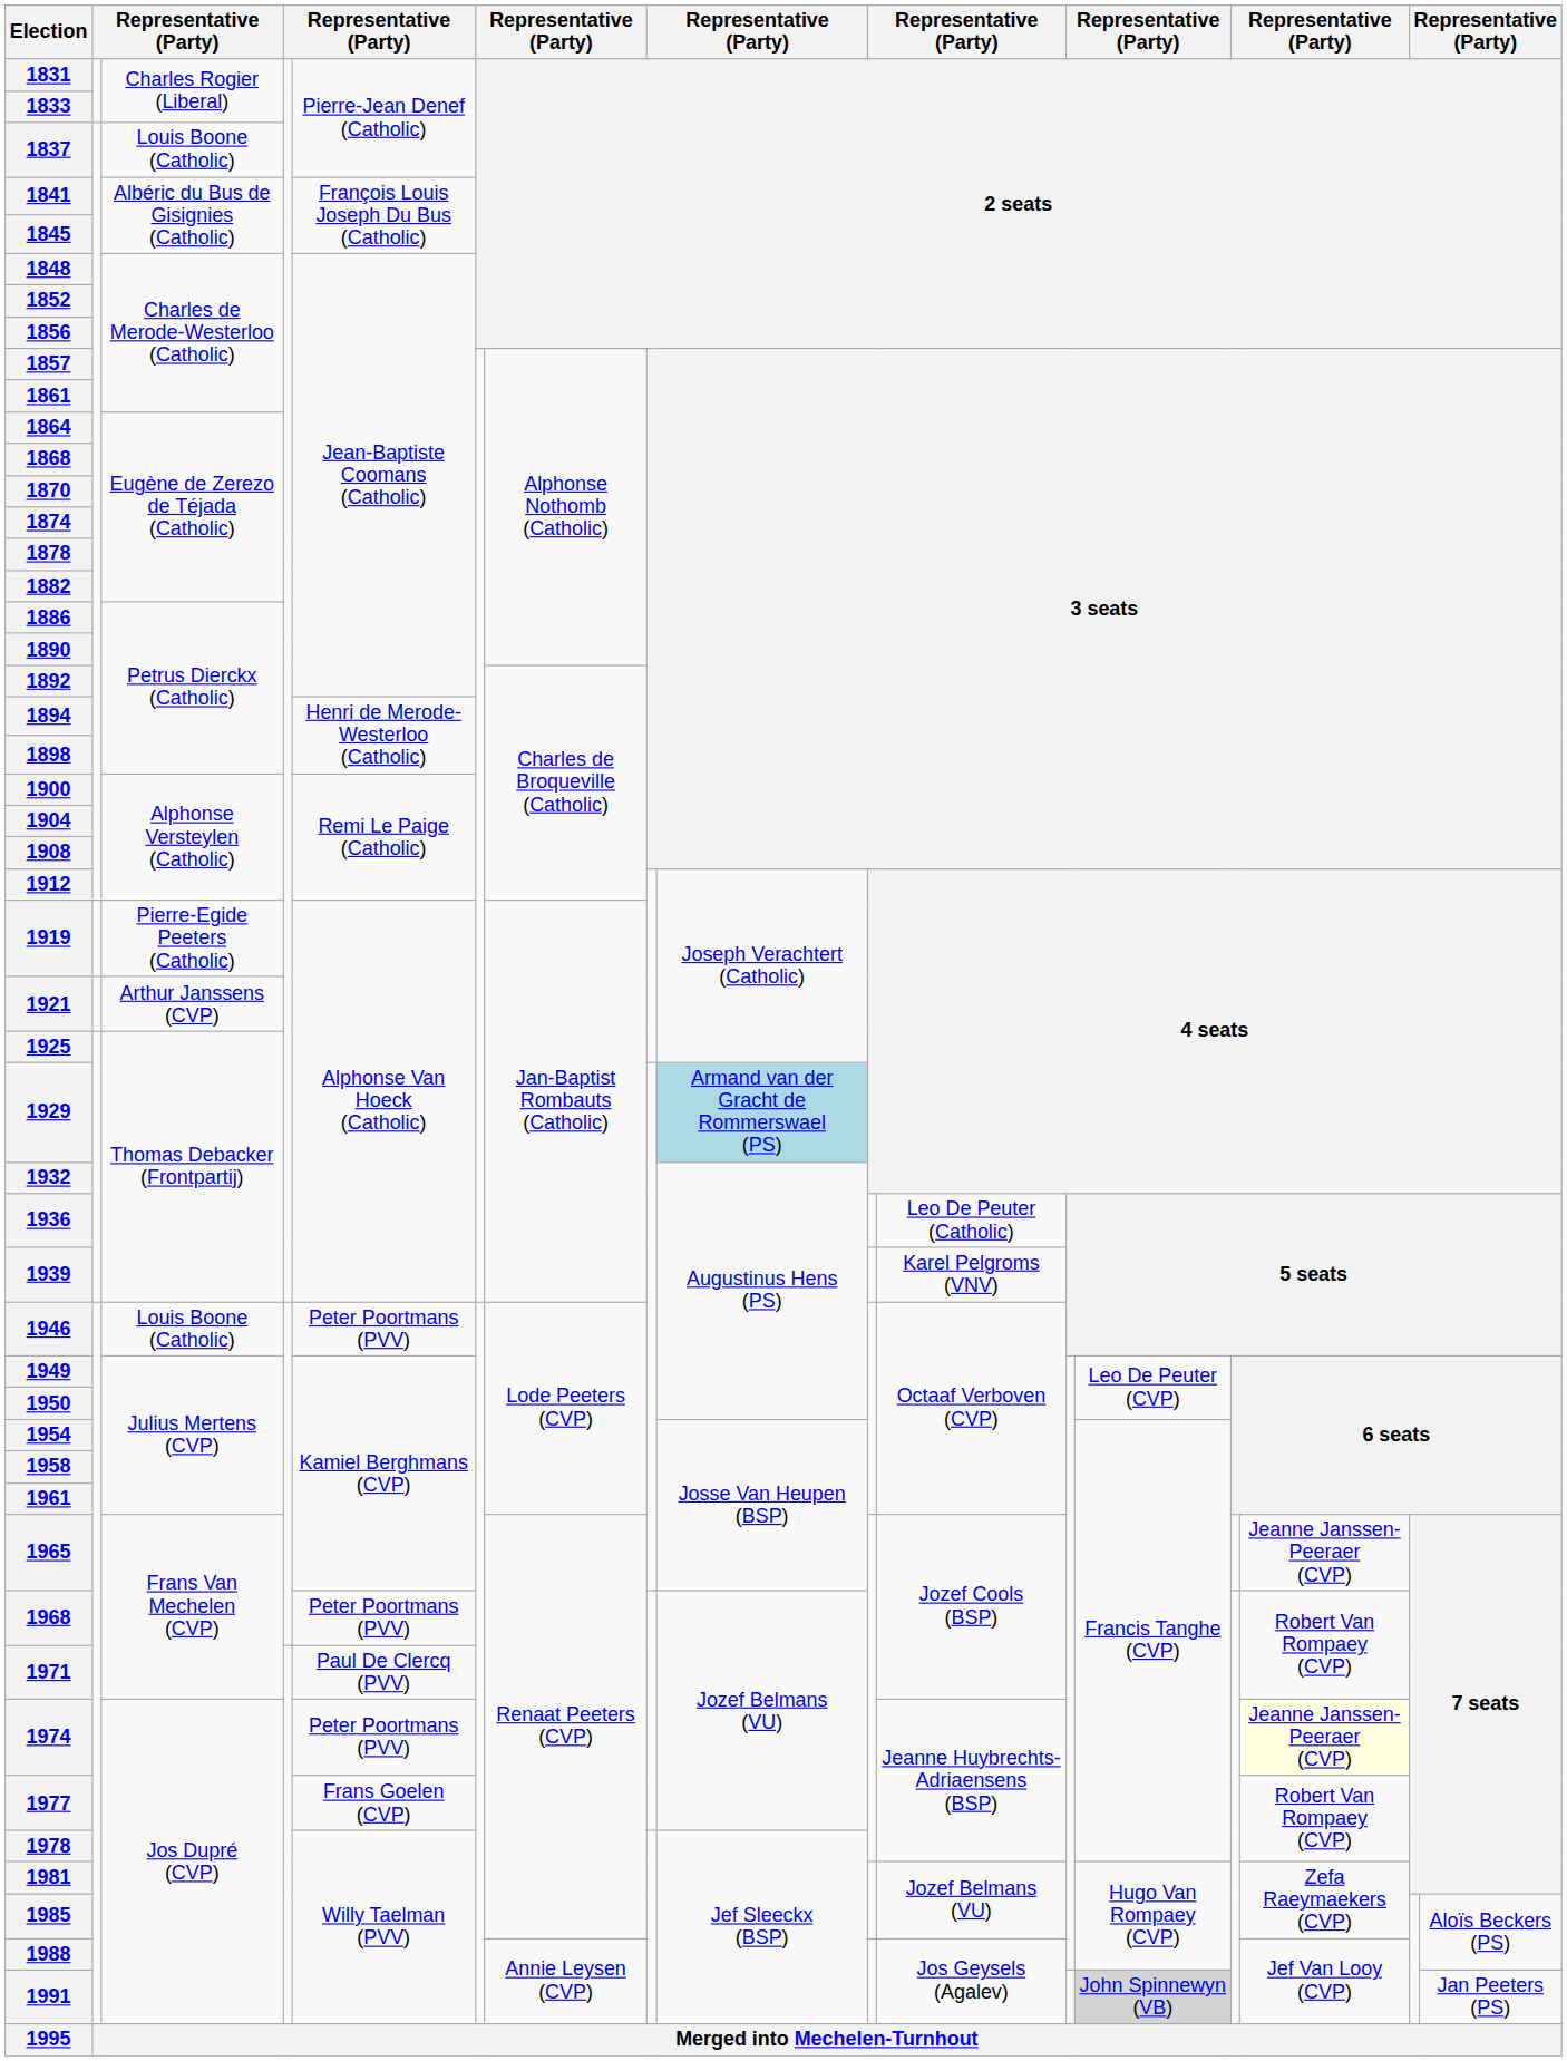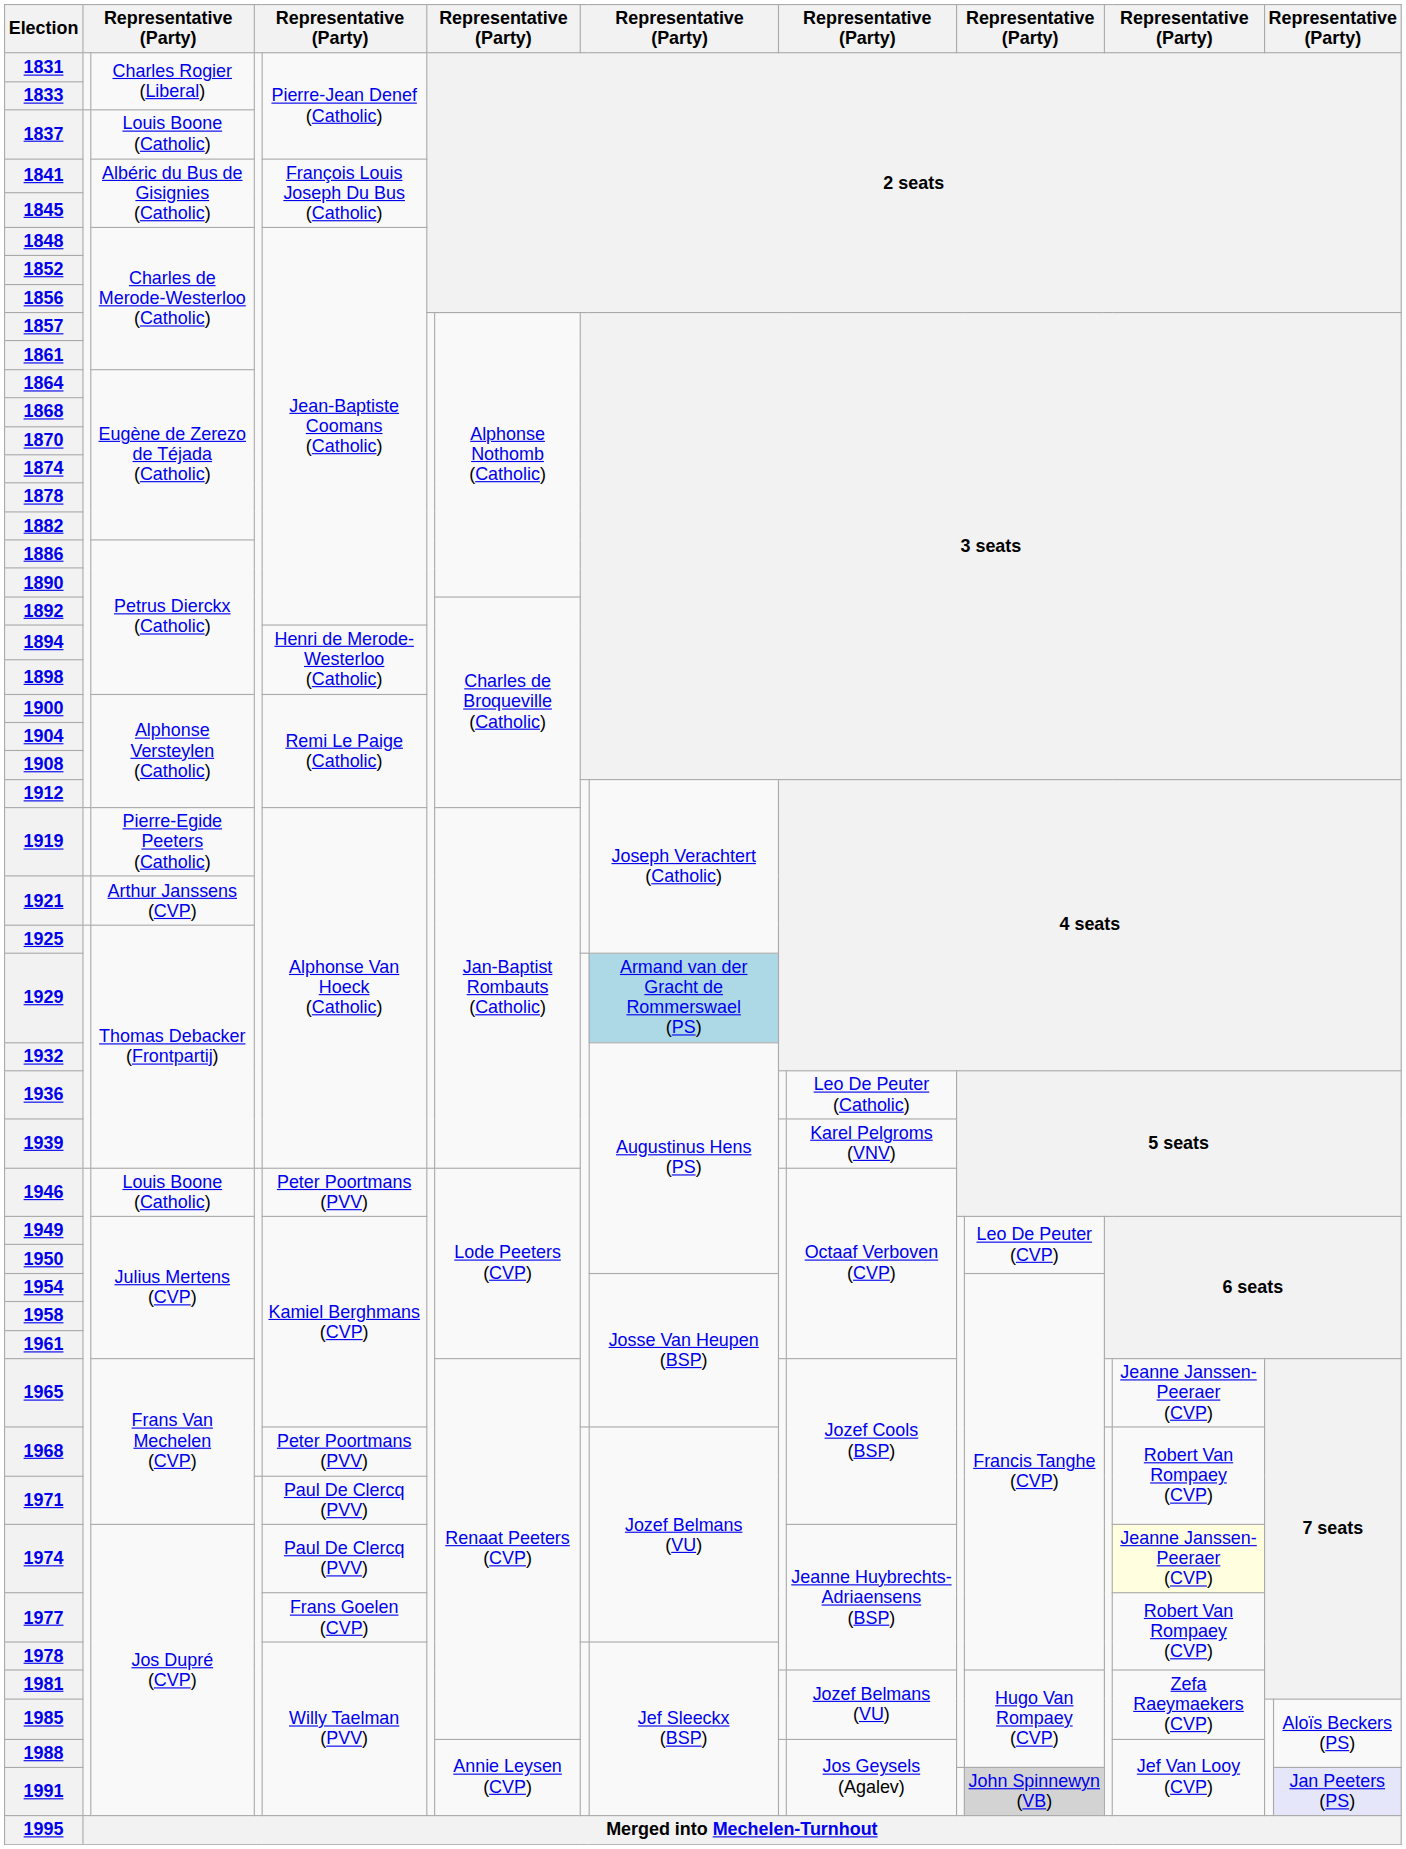 <table class="wikitable" style="text-align:center">
 <tr>
 <th>Election</th>
 <th colspan=2>Representative<br>(Party)</th>
 <th colspan=2>Representative<br>(Party)</th>
 <th colspan=2>Representative<br>(Party)</th>
 <th colspan=2>Representative<br>(Party)</th>
 <th colspan=2>Representative<br>(Party)</th>
 <th colspan=2>Representative<br>(Party)</th>
 <th colspan=2>Representative<br>(Party)</th>
 <th colspan=2>Representative<br>(Party)</th>
 </tr>
 <tr>
 <th><a href='#'>1831</a></th>
 <td rowspan=2; style="background-color: "></td>
 <td rowspan=2><a href='#'>Charles Rogier</a><br>(<a href='#'>Liberal</a>)</td>
 <td rowspan=32; style="background-color: "></td>
 <td rowspan=3><a href='#'>Pierre-Jean Denef</a><br>(<a href='#'>Catholic</a>)</td>
 <th colspan=12; rowspan=8>2 seats</th>
 </tr>
 <tr>
 <th><a href='#'>1833</a></th>
 </tr>
 <tr>
 <th><a href='#'>1837</a></th>
 <td rowspan=23; style="background-color: "></td>
 <td rowspan=1><a href='#'>Louis Boone</a><br>(<a href='#'>Catholic</a>)</td>
 </tr>
 <tr>
 <th><a href='#'>1841</a></th>
 <td rowspan=2><a href='#'>Albéric du Bus de Gisignies</a><br>(<a href='#'>Catholic</a>)</td>
 <td rowspan=2><a href='#'>François Louis Joseph Du Bus</a><br>(<a href='#'>Catholic</a>)</td>
 </tr>
 <tr>
 <th><a href='#'>1845</a></th>
 </tr>
 <tr>
 <th><a href='#'>1848</a></th>
 <td rowspan=5><a href='#'>Charles de Merode-Westerloo</a><br>(<a href='#'>Catholic</a>)</td>
 <td rowspan=14><a href='#'>Jean-Baptiste Coomans</a><br>(<a href='#'>Catholic</a>)</td>
 </tr>
 <tr>
 <th><a href='#'>1852</a></th>
 </tr>
 <tr>
 <th><a href='#'>1856</a></th>
 </tr>
 <tr>
 <th><a href='#'>1857</a></th>
 <td rowspan=24; style="background-color: "></td>
 <td rowspan=10><a href='#'>Alphonse Nothomb</a><br>(<a href='#'>Catholic</a>)</td>
 <th colspan=10; rowspan=16>3 seats</th>
 </tr>
 <tr>
 <th><a href='#'>1861</a></th>
 </tr>
 <tr>
 <th><a href='#'>1864</a></th>
 <td rowspan=6><a href='#'>Eugène de Zerezo de Téjada</a><br>(<a href='#'>Catholic</a>)</td>
 </tr>
 <tr>
 <th><a href='#'>1868</a></th>
 </tr>
 <tr>
 <th><a href='#'>1870</a></th>
 </tr>
 <tr>
 <th><a href='#'>1874</a></th>
 </tr>
 <tr>
 <th><a href='#'>1878</a></th>
 </tr>
 <tr>
 <th><a href='#'>1882</a></th>
 </tr>
 <tr>
 <th><a href='#'>1886</a></th>
 <td rowspan=5><a href='#'>Petrus Dierckx</a><br>(<a href='#'>Catholic</a>)</td>
 </tr>
 <tr>
 <th><a href='#'>1890</a></th>
 </tr>
 <tr>
 <th><a href='#'>1892</a></th>
 <td rowspan=7><a href='#'>Charles de Broqueville</a><br>(<a href='#'>Catholic</a>)</td>
 </tr>
 <tr>
 <th><a href='#'>1894</a></th>
 <td rowspan=2><a href='#'>Henri de Merode-Westerloo</a><br>(<a href='#'>Catholic</a>)</td>
 </tr>
 <tr>
 <th><a href='#'>1898</a></th>
 </tr>
 <tr>
 <th><a href='#'>1900</a></th>
 <td rowspan=4><a href='#'>Alphonse Versteylen</a><br>(<a href='#'>Catholic</a>)</td>
 <td rowspan=4><a href='#'>Remi Le Paige</a><br>(<a href='#'>Catholic</a>)</td>
 </tr>
 <tr>
 <th><a href='#'>1904</a></th>
 </tr>
 <tr>
 <th><a href='#'>1908</a></th>
 </tr>
 <tr>
 <th><a href='#'>1912</a></th>
 <td rowspan=4; style="background-color: "></td>
 <td rowspan=4><a href='#'>Joseph Verachtert</a><br>(<a href='#'>Catholic</a>)</td>
 <th colspan=18; rowspan=6>4 seats</th>
 </tr>
 <tr>
 <th><a href='#'>1919</a></th>
 <td rowspan=1; style="background-color: "></td>
 <td rowspan=1><a href='#'>Pierre-Egide Peeters</a><br>(<a href='#'>Catholic</a>)</td>
 <td rowspan=7><a href='#'>Alphonse Van Hoeck</a><br>(<a href='#'>Catholic</a>)</td>
 <td rowspan=7><a href='#'>Jan-Baptist Rombauts</a><br>(<a href='#'>Catholic</a>)</td>
 </tr>
 <tr>
 <th><a href='#'>1921</a></th>
 <td rowspan=1; style="background-color: "></td>
 <td rowspan=1><a href='#'>Arthur Janssens</a><br>(<a href='#'>CVP</a>)</td>
 </tr>
 <tr>
 <th><a href='#'>1925</a></th>
 <td rowspan=5; style="background-color: "></td>
 <td rowspan=5><a href='#'>Thomas Debacker</a><br>(<a href='#'>Frontpartij</a>)</td>
 </tr>
 <tr>
 <th><a href='#'>1929</a></th>
 <td rowspan=11; style="background-color: "></td>
 <td rowspan=1 style="background: lightblue;"><a href='#'>Armand van der Gracht de Rommerswael</a><br>(<a href='#'>PS</a>)</td>
 </tr>
 <tr>
 <th><a href='#'>1932</a></th>
 <td rowspan=6><a href='#'>Augustinus Hens</a><br>(<a href='#'>PS</a>)</td>
 </tr>
 <tr>
 <th><a href='#'>1936</a></th>
 <td rowspan=1; style="background-color: "></td>
 <td rowspan=1><a href='#'>Leo De Peuter</a><br>(<a href='#'>Catholic</a>)</td>
 <th colspan=10; rowspan=3>5 seats</th>
 </tr>
 <tr>
 <th><a href='#'>1939</a></th>
 <td rowspan=1; style="background-color: "></td>
 <td rowspan=1><a href='#'>Karel Pelgroms</a><br>(<a href='#'>VNV</a>)</td>
 </tr>
 <tr>
 <th><a href='#'>1946</a></th>
 <td rowspan=16; style="background-color: "></td>
 <td rowspan=1><a href='#'>Louis Boone</a><br>(<a href='#'>Catholic</a>)</td>
 <td rowspan=8; style="background-color: "></td>
 <td rowspan=1><a href='#'>Peter Poortmans</a><br>(<a href='#'>PVV</a>)</td>
 <td rowspan=16; style="background-color: "></td>
 <td rowspan=6><a href='#'>Lode Peeters</a><br>(<a href='#'>CVP</a>)</td>
 <td rowspan=6; style="background-color: "></td>
 <td rowspan=6><a href='#'>Octaaf Verboven</a><br>(<a href='#'>CVP</a>)</td>
 </tr>
 <tr>
 <th><a href='#'>1949</a></th>
 <td rowspan=5><a href='#'>Julius Mertens</a><br>(<a href='#'>CVP</a>)</td>
 <td rowspan=6><a href='#'>Kamiel Berghmans</a><br>(<a href='#'>CVP</a>)</td>
 <td rowspan=14; style="background-color: "></td>
 <td rowspan=2><a href='#'>Leo De Peuter</a><br>(<a href='#'>CVP</a>)</td>
 <th colspan=4; rowspan=5>6 seats</th>
 </tr>
 <tr>
 <th><a href='#'>1950</a></th>
 </tr>
 <tr>
 <th><a href='#'>1954</a></th>
 <td rowspan=4><a href='#'>Josse Van Heupen</a><br>(<a href='#'>BSP</a>)</td>
 <td rowspan=9><a href='#'>Francis Tanghe</a><br>(<a href='#'>CVP</a>)</td>
 </tr>
 <tr>
 <th><a href='#'>1958</a></th>
 </tr>
 <tr>
 <th><a href='#'>1961</a></th>
 </tr>
 <tr>
 <th><a href='#'>1965</a></th>
 <td rowspan=3><a href='#'>Frans Van Mechelen</a><br>(<a href='#'>CVP</a>)</td>
 <td rowspan=8><a href='#'>Renaat Peeters</a><br>(<a href='#'>CVP</a>)</td>
 <td rowspan=6; style="background-color: "></td>
 <td rowspan=3><a href='#'>Jozef Cools</a><br>(<a href='#'>BSP</a>)</td>
 <td rowspan=1; style="background-color: "></td>
 <td rowspan=1><a href='#'>Jeanne Janssen-Peeraer</a><br>(<a href='#'>CVP</a>)</td>
 <th colspan=2; rowspan=7>7 seats</th>
 </tr>
 <tr>
 <th><a href='#'>1968</a></th>
 <td rowspan=1><a href='#'>Peter Poortmans</a><br>(<a href='#'>PVV</a>)</td>
 <td rowspan=4; style="background-color: "></td>
 <td rowspan=4><a href='#'>Jozef Belmans</a><br>(<a href='#'>VU</a>)</td>
 <td rowspan=9; style="background-color: "></td>
 <td rowspan=2><a href='#'>Robert Van Rompaey</a><br>(<a href='#'>CVP</a>)</td>
 </tr>
 <tr>
 <th><a href='#'>1971</a></th>
 <td rowspan=8; style="background-color: "></td>
 <td rowspan=1><a href='#'>Paul De Clercq</a><br>(<a href='#'>PVV</a>)</td>
 </tr>
 <tr>
 <th><a href='#'>1974</a></th>
 <td rowspan=7><a href='#'>Jos Dupré</a><br>(<a href='#'>CVP</a>)</td>
-<td rowspan=1><a href='#'>Peter Poortmans</a><br>(<a href='#'>PVV</a>)</td>
+<td rowspan=1><a href='#'>Paul De Clercq</a><br>(<a href='#'>PVV</a>)</td>
 <td rowspan=3><a href='#'>Jeanne Huybrechts-Adriaensens</a><br>(<a href='#'>BSP</a>)</td>
 <td rowspan=1 style="background: lightyellow;"><a href='#'>Jeanne Janssen-Peeraer</a><br>(<a href='#'>CVP</a>)</td>
 </tr>
 <tr>
 <th><a href='#'>1977</a></th>
 <td rowspan=1><a href='#'>Frans Goelen</a><br>(<a href='#'>CVP</a>)</td>
 <td rowspan=2><a href='#'>Robert Van Rompaey</a><br>(<a href='#'>CVP</a>)</td>
 </tr>
 <tr>
 <th><a href='#'>1978</a></th>
 <td rowspan=5><a href='#'>Willy Taelman</a><br>(<a href='#'>PVV</a>)</td>
 <td rowspan=5; style="background-color: "></td>
 <td rowspan=5><a href='#'>Jef Sleeckx</a><br>(<a href='#'>BSP</a>)</td>
 </tr>
 <tr>
 <th><a href='#'>1981</a></th>
 <td rowspan=2; style="background-color: "></td>
 <td rowspan=2><a href='#'>Jozef Belmans</a><br>(<a href='#'>VU</a>)</td>
 <td rowspan=3><a href='#'>Hugo Van Rompaey</a><br>(<a href='#'>CVP</a>)</td>
 <td rowspan=2><a href='#'>Zefa Raeymaekers</a><br>(<a href='#'>CVP</a>)</td>
 </tr>
 <tr>
 <th><a href='#'>1985</a></th>
 <td rowspan=3; style="background-color: "></td>
 <td rowspan=2><a href='#'>Aloïs Beckers</a><br>(<a href='#'>PS</a>)</td>
 </tr>
 <tr>
 <th><a href='#'>1988</a></th>
 <td rowspan=2><a href='#'>Annie Leysen</a><br>(<a href='#'>CVP</a>)</td>
 <td rowspan=2; style="background-color: "></td>
 <td rowspan=2><a href='#'>Jos Geysels</a><br>(Agalev)</td>
 <td rowspan=2><a href='#'>Jef Van Looy</a><br>(<a href='#'>CVP</a>)</td>
 </tr>
 <tr>
 <th><a href='#'>1991</a></th>
 <td rowspan=1; style="background-color: "></td>
 <td rowspan=1 style="background: lightgrey;"><a href='#'>John Spinnewyn</a><br>(<a href='#'>VB</a>)</td>
-<td rowspan=1><a href='#'>Jan Peeters</a><br>(<a href='#'>PS</a>)</td>
+<td rowspan=1 style="background: lavender;"><a href='#'>Jan Peeters</a><br>(<a href='#'>PS</a>)</td>
 </tr>
 <tr>
 <th><a href='#'>1995</a></th>
 <th colspan=16>Merged into <a href='#'>Mechelen-Turnhout</a></th>
 </tr>
 </table>
